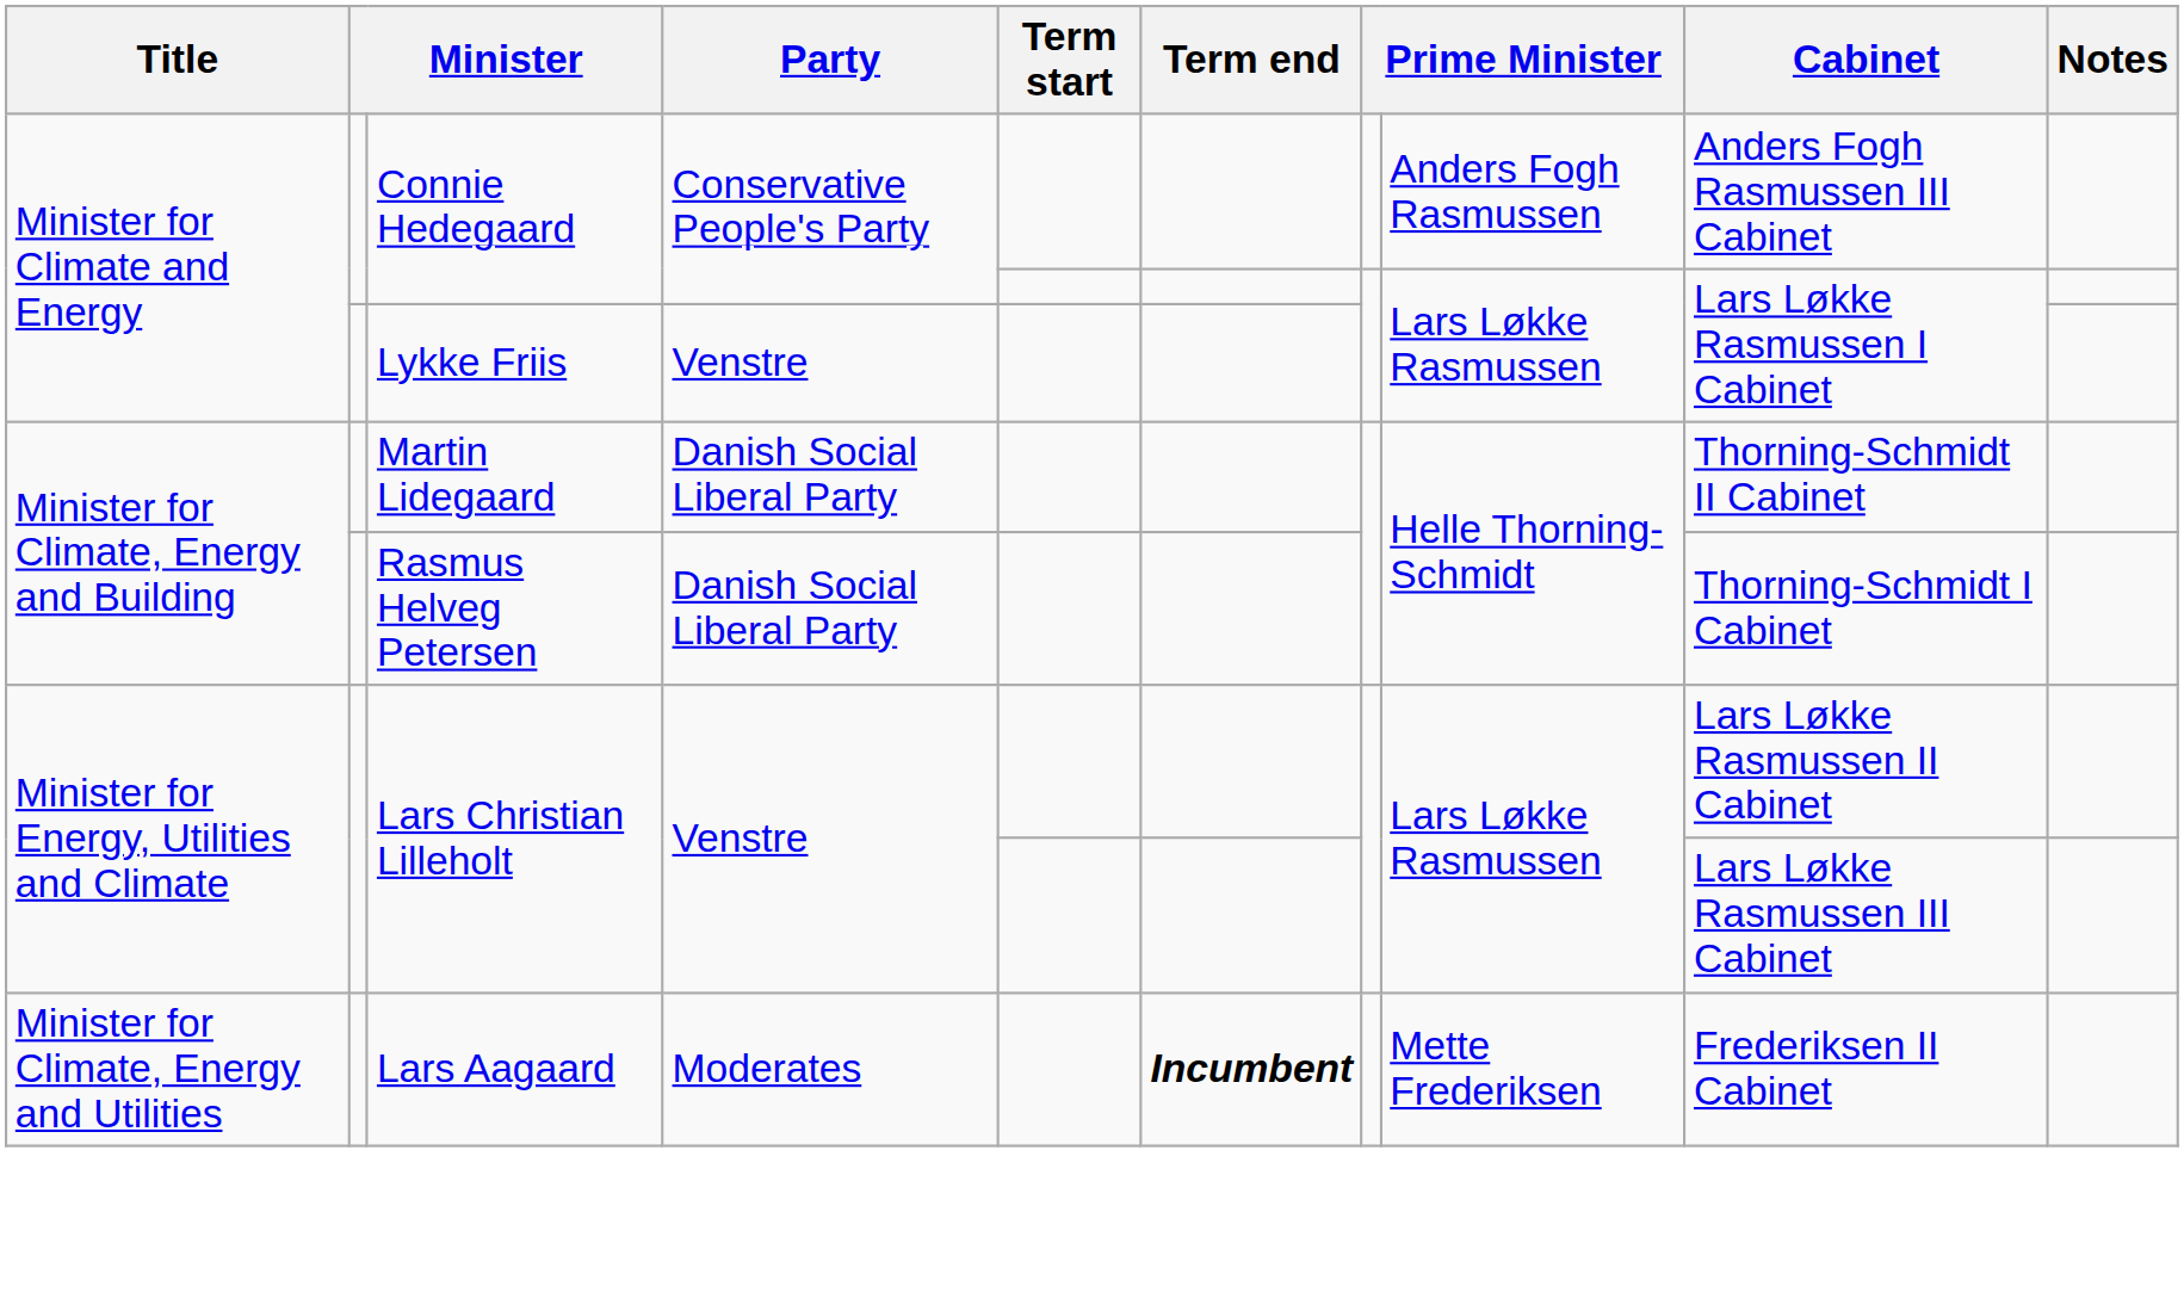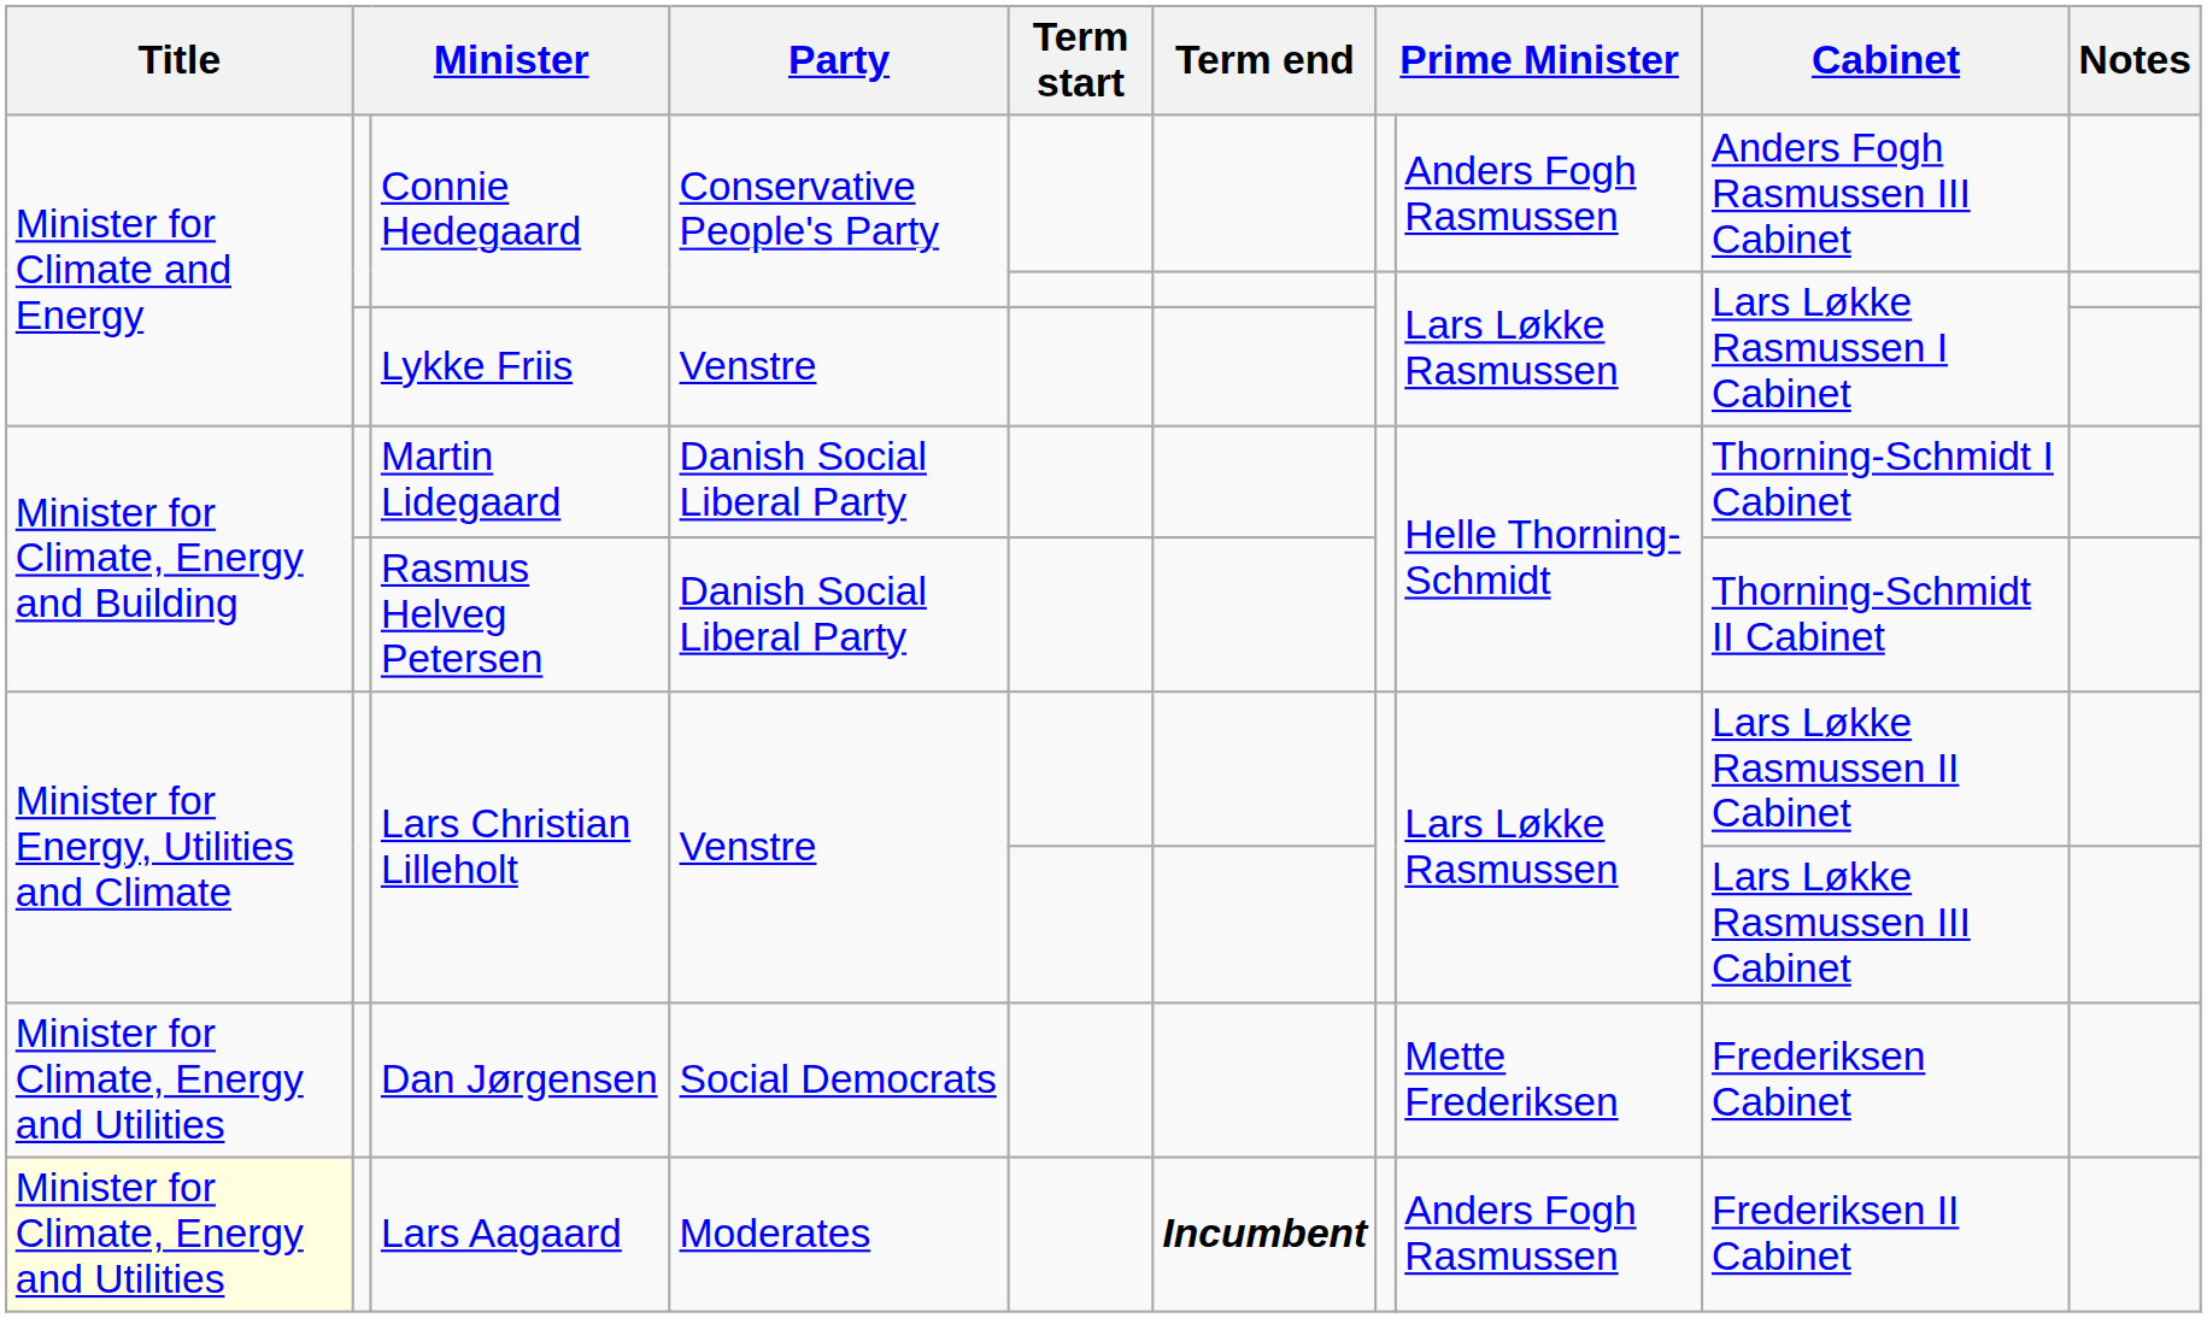 <table class="wikitable sortable">
 <tr>
 <th>Title</th>
 <th colspan=2><a href='#'>Minister</a></th>
 <th><a href='#'>Party</a></th>
 <th>Term start</th>
 <th>Term end</th>
 <th colspan=2><a href='#'>Prime Minister</a></th>
 <th><a href='#'>Cabinet</a></th>
 <th class="unsortable">Notes</th>
 </tr>
 <tr>
 <td rowspan=3><a href='#'>Minister for Climate and Energy</a></td>
 <td rowspan=2 bgcolor=></td>
 <td rowspan=2><a href='#'>Connie Hedegaard</a></td>
 <td rowspan=2><a href='#'>Conservative People's Party</a></td>
 <td></td>
 <td></td>
 <td style="color:inherit;background:"></td>
 <td><a href='#'>Anders Fogh Rasmussen</a></td>
 <td><a href='#'>Anders Fogh Rasmussen III Cabinet</a></td>
 <td></td>
 </tr>
 <tr>
 <td></td>
 <td></td>
 <td rowspan=2 bgcolor=></td>
 <td rowspan=2><a href='#'>Lars Løkke Rasmussen</a></td>
 <td rowspan=2><a href='#'>Lars Løkke Rasmussen I Cabinet</a></td>
 <td></td>
 </tr>
 <tr>
 <td style="color:inherit;background:"></td>
 <td><a href='#'>Lykke Friis</a></td>
 <td><a href='#'>Venstre</a></td>
 <td></td>
 <td></td>
 <td></td>
 </tr>
 <tr>
 <td rowspan=2><a href='#'>Minister for Climate, Energy and Building</a></td>
 <td style="color:inherit;background:"></td>
 <td><a href='#'>Martin Lidegaard</a></td>
 <td><a href='#'>Danish Social Liberal Party</a></td>
 <td></td>
 <td></td>
 <td rowspan=2 bgcolor=></td>
 <td rowspan=2><a href='#'>Helle Thorning-Schmidt</a></td>
-<td><a href='#'>Thorning-Schmidt II Cabinet</a></td>
+<td><a href='#'>Thorning-Schmidt I Cabinet</a></td>
 <td></td>
 </tr>
 <tr>
 <td style="color:inherit;background:"></td>
 <td><a href='#'>Rasmus Helveg Petersen</a></td>
 <td><a href='#'>Danish Social Liberal Party</a></td>
 <td></td>
 <td></td>
-<td><a href='#'>Thorning-Schmidt I Cabinet</a></td>
+<td><a href='#'>Thorning-Schmidt II Cabinet</a></td>
 <td></td>
 </tr>
 <tr>
 <td rowspan=2><a href='#'>Minister for Energy, Utilities and Climate</a></td>
 <td rowspan=2 bgcolor=></td>
 <td rowspan=2><a href='#'>Lars Christian Lilleholt</a></td>
 <td rowspan=2><a href='#'>Venstre</a></td>
 <td></td>
 <td></td>
 <td rowspan=2 bgcolor=></td>
 <td rowspan=2><a href='#'>Lars Løkke Rasmussen</a></td>
 <td><a href='#'>Lars Løkke Rasmussen II Cabinet</a></td>
 <td></td>
 </tr>
 <tr>
 <td></td>
 <td></td>
 <td><a href='#'>Lars Løkke Rasmussen III Cabinet</a></td>
 <td></td>
 </tr>
 <tr>
 <td><a href='#'>Minister for Climate, Energy and Utilities</a></td>
 <td style="color:inherit;background:"></td>
+<td><a href='#'>Dan Jørgensen</a></td>
+<td><a href='#'>Social Democrats</a></td>
+<td></td>
+<td></td>
+<td style="color:inherit;background:"></td>
+<td><a href='#'>Mette Frederiksen</a></td>
+<td><a href='#'>Frederiksen Cabinet</a></td>
+<td></td>
+</tr>
+<tr>
+<td style="background: lightyellow;"><a href='#'>Minister for Climate, Energy and Utilities</a></td>
+<td style="color:inherit;background:"></td>
 <td><a href='#'>Lars Aagaard</a></td>
 <td><a href='#'>Moderates</a></td>
 <td></td>
 <td><strong><em>Incumbent</em></strong></td>
 <td style="color:inherit;background:"></td>
-<td><a href='#'>Mette Frederiksen</a></td>
+<td><a href='#'>Anders Fogh Rasmussen</a></td>
 <td><a href='#'>Frederiksen II Cabinet</a></td>
 <td></td>
 </tr>
 </table>
